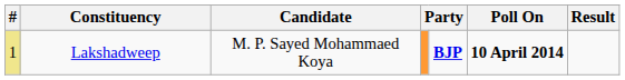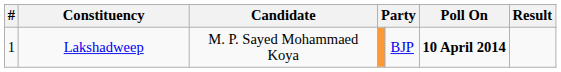 <table class="wikitable sortable" style="text-align:center;">
 <tr>
 <th>#</th>
 <th style="width:180px;">Constituency</th>
 <th style="width:200px;">Candidate</th>
 <th colspan="2">Party</th>
 <th>Poll On</th>
 <th>Result</th>
 </tr>
 <tr>
-<td style="background: khaki; text-align:center;">1</td>
+<td style="text-align:center;">1</td>
 <td><a href='#'>Lakshadweep</a></td>
 <td>M. P. Sayed Mohammaed Koya</td>
 <td bgcolor=#FF9933></td>
-<td><strong><a href='#'>BJP</a></strong></td>
+<td><a href='#'>BJP</a></td>
 <td><strong>10 April 2014</strong></td>
 <td></td>
 </tr>
 </table>
